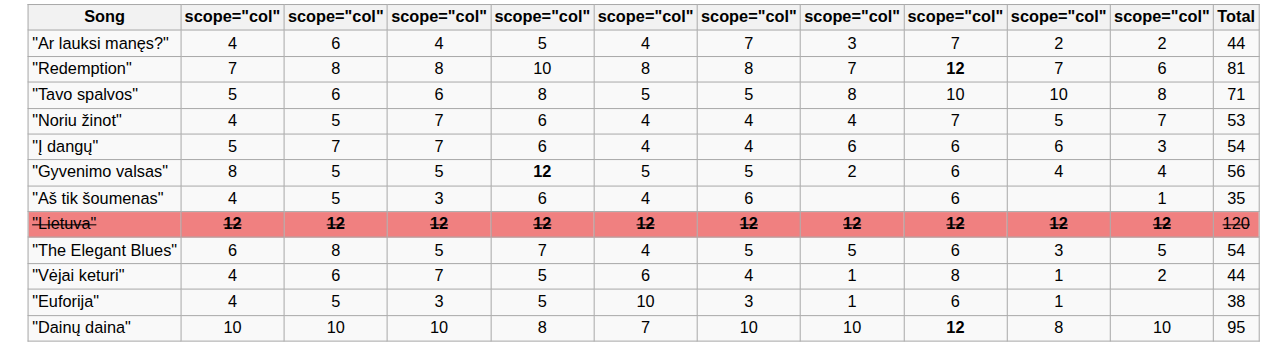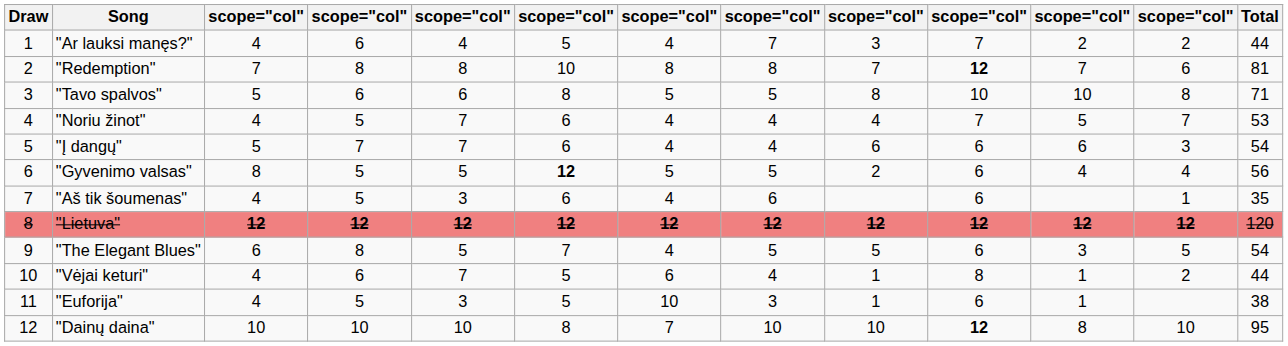 <table class="wikitable collapsible" style="margin: 1em auto 1em auto; text-align:center">
 <tr>
+<th>Draw</th>
 <th>Song</th>
 <th>scope="col" </th>
 <th>scope="col" </th>
 <th>scope="col" </th>
 <th>scope="col" </th>
 <th>scope="col" </th>
 <th>scope="col" </th>
 <th>scope="col" </th>
 <th>scope="col" </th>
 <th>scope="col" </th>
 <th>scope="col" </th>
 <th>Total</th>
 </tr>
 <tr>
+<td>1</td>
 <td align="left">"Ar lauksi manęs?"</td>
 <td>4</td>
 <td>6</td>
 <td>4</td>
 <td>5</td>
 <td>4</td>
 <td>7</td>
 <td>3</td>
 <td>7</td>
 <td>2</td>
 <td>2</td>
 <td>44</td>
 </tr>
 <tr>
+<td>2</td>
 <td align="left">"Redemption"</td>
 <td>7</td>
 <td>8</td>
 <td>8</td>
 <td>10</td>
 <td>8</td>
 <td>8</td>
 <td>7</td>
 <td><strong>12</strong></td>
 <td>7</td>
 <td>6</td>
 <td>81</td>
 </tr>
 <tr>
+<td>3</td>
 <td align="left">"Tavo spalvos"</td>
 <td>5</td>
 <td>6</td>
 <td>6</td>
 <td>8</td>
 <td>5</td>
 <td>5</td>
 <td>8</td>
 <td>10</td>
 <td>10</td>
 <td>8</td>
 <td>71</td>
 </tr>
 <tr>
+<td>4</td>
 <td align="left">"Noriu žinot"</td>
 <td>4</td>
 <td>5</td>
 <td>7</td>
 <td>6</td>
 <td>4</td>
 <td>4</td>
 <td>4</td>
 <td>7</td>
 <td>5</td>
 <td>7</td>
 <td>53</td>
 </tr>
 <tr>
+<td>5</td>
 <td align="left">"Į dangų"</td>
 <td>5</td>
 <td>7</td>
 <td>7</td>
 <td>6</td>
 <td>4</td>
 <td>4</td>
 <td>6</td>
 <td>6</td>
 <td>6</td>
 <td>3</td>
 <td>54</td>
 </tr>
 <tr>
+<td>6</td>
 <td align="left">"Gyvenimo valsas"</td>
 <td>8</td>
 <td>5</td>
 <td>5</td>
 <td><strong>12</strong></td>
 <td>5</td>
 <td>5</td>
 <td>2</td>
 <td>6</td>
 <td>4</td>
 <td>4</td>
 <td>56</td>
 </tr>
 <tr>
+<td>7</td>
 <td align="left">"Aš tik šoumenas"</td>
 <td>4</td>
 <td>5</td>
 <td>3</td>
 <td>6</td>
 <td>4</td>
 <td>6</td>
 <td></td>
 <td>6</td>
 <td></td>
 <td>1</td>
 <td>35</td>
 </tr>
 <tr bgcolor="#F08080">
+<td><s>8</s></td>
 <td align="left"><s>"Lietuva"</s></td>
 <td><strong><s>12</s></strong></td>
 <td><strong><s>12</s></strong></td>
 <td><strong><s>12</s></strong></td>
 <td><strong><s>12</s></strong></td>
 <td><strong><s>12</s></strong></td>
 <td><strong><s>12</s></strong></td>
 <td><strong><s>12</s></strong></td>
 <td><strong><s>12</s></strong></td>
 <td><strong><s>12</s></strong></td>
 <td><strong><s>12</s></strong></td>
 <td><s>120</s></td>
 </tr>
 <tr>
+<td>9</td>
 <td align="left">"The Elegant Blues"</td>
 <td>6</td>
 <td>8</td>
 <td>5</td>
 <td>7</td>
 <td>4</td>
 <td>5</td>
 <td>5</td>
 <td>6</td>
 <td>3</td>
 <td>5</td>
 <td>54</td>
 </tr>
 <tr>
+<td>10</td>
 <td align="left">"Vėjai keturi"</td>
 <td>4</td>
 <td>6</td>
 <td>7</td>
 <td>5</td>
 <td>6</td>
 <td>4</td>
 <td>1</td>
 <td>8</td>
 <td>1</td>
 <td>2</td>
 <td>44</td>
 </tr>
 <tr>
+<td>11</td>
 <td align="left">"Euforija"</td>
 <td>4</td>
 <td>5</td>
 <td>3</td>
 <td>5</td>
 <td>10</td>
 <td>3</td>
 <td>1</td>
 <td>6</td>
 <td>1</td>
 <td></td>
 <td>38</td>
 </tr>
 <tr>
+<td>12</td>
 <td align="left">"Dainų daina"</td>
 <td>10</td>
 <td>10</td>
 <td>10</td>
 <td>8</td>
 <td>7</td>
 <td>10</td>
 <td>10</td>
 <td><strong>12</strong></td>
 <td>8</td>
 <td>10</td>
 <td>95</td>
 </tr>
 </table>
